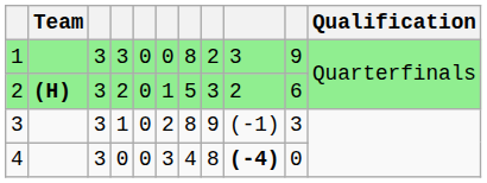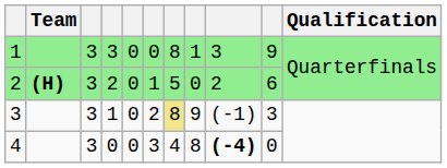 <table class="wikitable">
 <tr>
 <th></th>
 <th>Team</th>
 <th></th>
 <th></th>
 <th></th>
 <th></th>
 <th></th>
 <th></th>
 <th></th>
 <th></th>
 <th>Qualification</th>
 </tr>
 <tr bgcolor=lightgreen>
 <td>1</td>
 <td></td>
 <td>3</td>
 <td>3</td>
 <td>0</td>
 <td>0</td>
 <td>8</td>
-<td>2</td>
+<td>1</td>
 <td>3</td>
 <td>9</td>
 <td rowspan=2>Quarterfinals</td>
 </tr>
 <tr bgcolor=lightgreen>
 <td>2</td>
 <td> <strong>(H)</strong></td>
 <td>3</td>
 <td>2</td>
 <td>0</td>
 <td>1</td>
 <td>5</td>
-<td>3</td>
+<td>0</td>
 <td>2</td>
 <td>6</td>
 </tr>
 <tr>
 <td>3</td>
 <td></td>
 <td>3</td>
 <td>1</td>
 <td>0</td>
 <td>2</td>
-<td>8</td>
+<td style="background: khaki;">8</td>
 <td>9</td>
 <td>(-1)</td>
 <td>3</td>
 <td rowspan=2></td>
 </tr>
 <tr>
 <td>4</td>
 <td></td>
 <td>3</td>
 <td>0</td>
 <td>0</td>
 <td>3</td>
 <td>4</td>
 <td>8</td>
 <td><strong>(-4)</strong></td>
 <td>0</td>
 </tr>
 </table>
